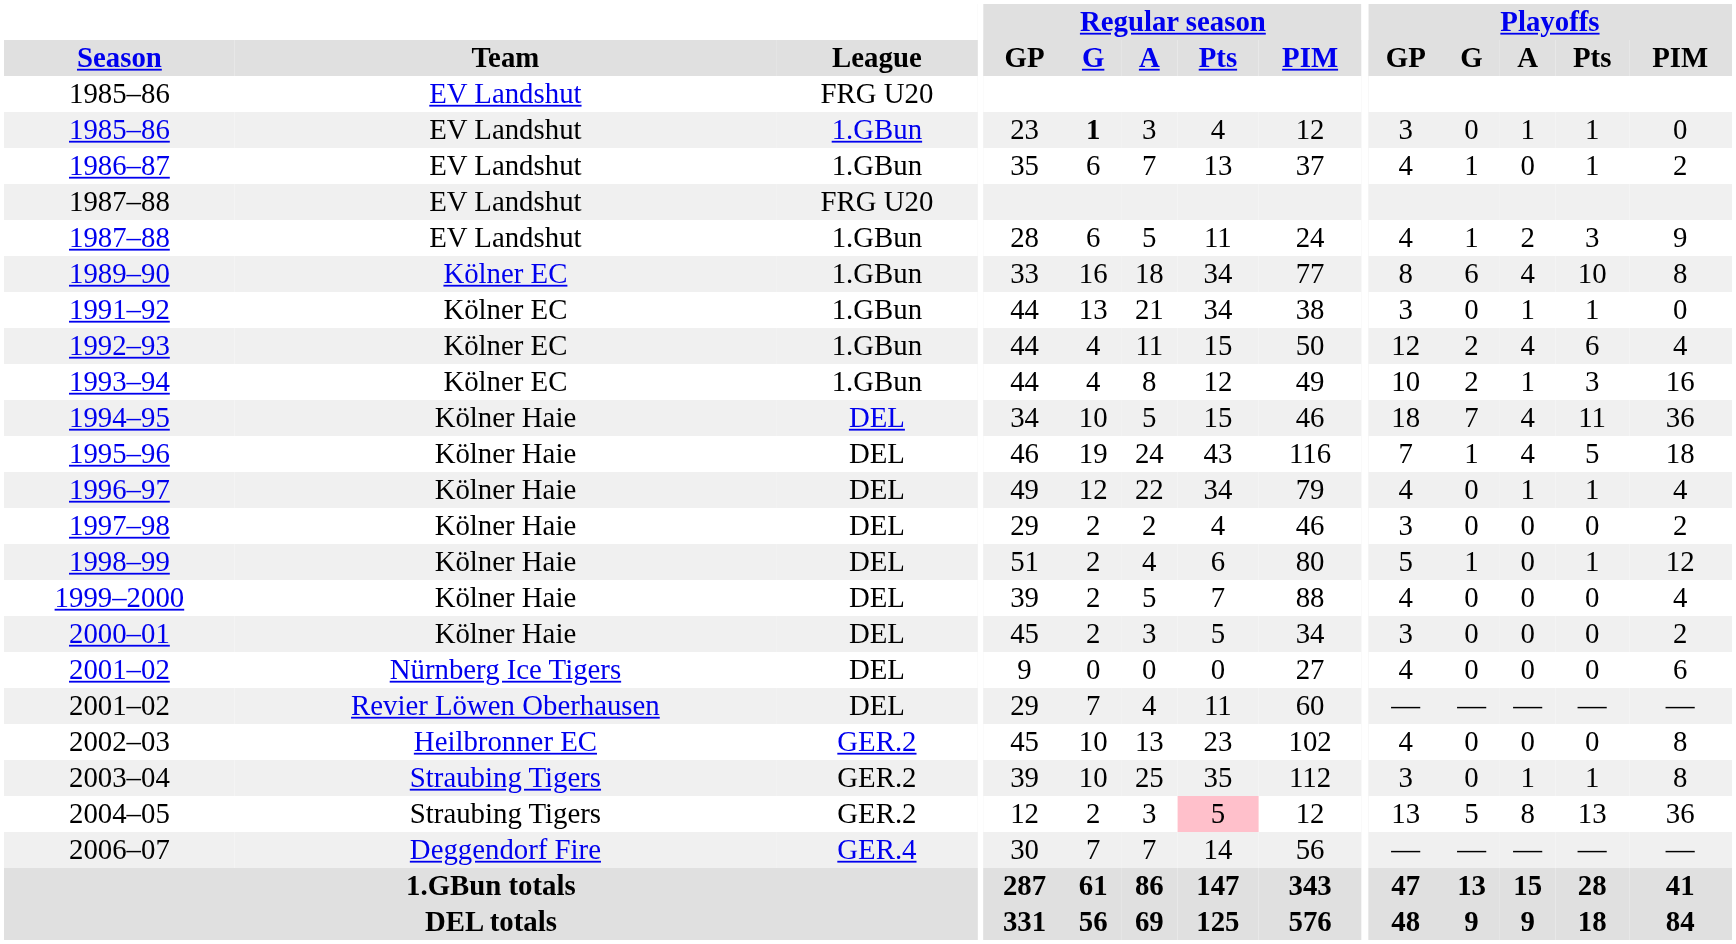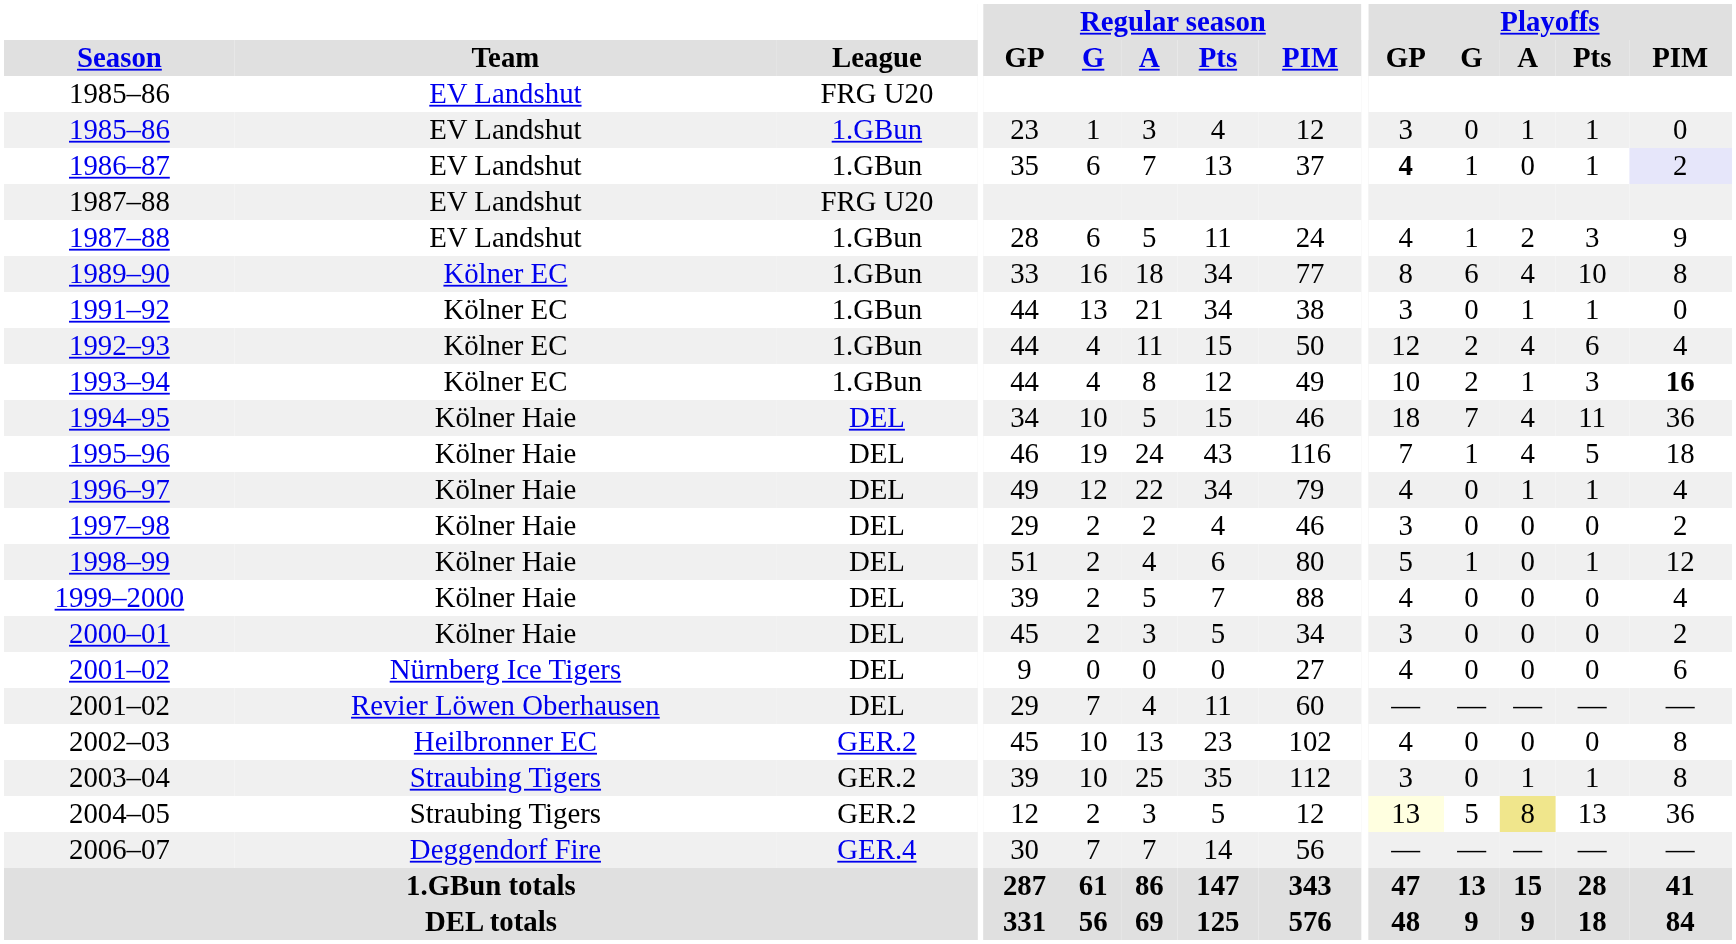 <table border="0" cellpadding="1" cellspacing="0" style="text-align:center; width:60em">
 <tr bgcolor="#e0e0e0">
 <th colspan="3" bgcolor="#ffffff"></th>
 <th rowspan="99" bgcolor="#ffffff"></th>
 <th colspan="5"><a href='#'>Regular season</a></th>
 <th rowspan="99" bgcolor="#ffffff"></th>
 <th colspan="5"><a href='#'>Playoffs</a></th>
 </tr>
 <tr bgcolor="#e0e0e0">
 <th><a href='#'>Season</a></th>
 <th>Team</th>
 <th>League</th>
 <th>GP</th>
 <th><a href='#'>G</a></th>
 <th><a href='#'>A</a></th>
 <th><a href='#'>Pts</a></th>
 <th><a href='#'>PIM</a></th>
 <th>GP</th>
 <th>G</th>
 <th>A</th>
 <th>Pts</th>
 <th>PIM</th>
 </tr>
 <tr>
 <td>1985–86</td>
 <td><a href='#'>EV Landshut</a></td>
 <td>FRG U20</td>
 <td></td>
 <td></td>
 <td></td>
 <td></td>
 <td></td>
 <td></td>
 <td></td>
 <td></td>
 <td></td>
 <td></td>
 </tr>
 <tr bgcolor="#f0f0f0">
 <td><a href='#'>1985–86</a></td>
 <td>EV Landshut</td>
 <td><a href='#'>1.GBun</a></td>
 <td>23</td>
-<td><strong>1</strong></td>
+<td>1</td>
 <td>3</td>
 <td>4</td>
 <td>12</td>
 <td>3</td>
 <td>0</td>
 <td>1</td>
 <td>1</td>
 <td>0</td>
 </tr>
 <tr>
 <td><a href='#'>1986–87</a></td>
 <td>EV Landshut</td>
 <td>1.GBun</td>
 <td>35</td>
 <td>6</td>
 <td>7</td>
 <td>13</td>
 <td>37</td>
-<td>4</td>
+<td><strong>4</strong></td>
 <td>1</td>
 <td>0</td>
 <td>1</td>
-<td>2</td>
+<td style="background: lavender;">2</td>
 </tr>
 <tr bgcolor="#f0f0f0">
 <td>1987–88</td>
 <td>EV Landshut</td>
 <td>FRG U20</td>
 <td></td>
 <td></td>
 <td></td>
 <td></td>
 <td></td>
 <td></td>
 <td></td>
 <td></td>
 <td></td>
 <td></td>
 </tr>
 <tr>
 <td><a href='#'>1987–88</a></td>
 <td>EV Landshut</td>
 <td>1.GBun</td>
 <td>28</td>
 <td>6</td>
 <td>5</td>
 <td>11</td>
 <td>24</td>
 <td>4</td>
 <td>1</td>
 <td>2</td>
 <td>3</td>
 <td>9</td>
 </tr>
 <tr bgcolor="#f0f0f0">
 <td><a href='#'>1989–90</a></td>
 <td><a href='#'>Kölner EC</a></td>
 <td>1.GBun</td>
 <td>33</td>
 <td>16</td>
 <td>18</td>
 <td>34</td>
 <td>77</td>
 <td>8</td>
 <td>6</td>
 <td>4</td>
 <td>10</td>
 <td>8</td>
 </tr>
 <tr>
 <td><a href='#'>1991–92</a></td>
 <td>Kölner EC</td>
 <td>1.GBun</td>
 <td>44</td>
 <td>13</td>
 <td>21</td>
 <td>34</td>
 <td>38</td>
 <td>3</td>
 <td>0</td>
 <td>1</td>
 <td>1</td>
 <td>0</td>
 </tr>
 <tr bgcolor="#f0f0f0">
 <td><a href='#'>1992–93</a></td>
 <td>Kölner EC</td>
 <td>1.GBun</td>
 <td>44</td>
 <td>4</td>
 <td>11</td>
 <td>15</td>
 <td>50</td>
 <td>12</td>
 <td>2</td>
 <td>4</td>
 <td>6</td>
 <td>4</td>
 </tr>
 <tr>
 <td><a href='#'>1993–94</a></td>
 <td>Kölner EC</td>
 <td>1.GBun</td>
 <td>44</td>
 <td>4</td>
 <td>8</td>
 <td>12</td>
 <td>49</td>
 <td>10</td>
 <td>2</td>
 <td>1</td>
 <td>3</td>
-<td>16</td>
+<td><strong>16</strong></td>
 </tr>
 <tr bgcolor="#f0f0f0">
 <td><a href='#'>1994–95</a></td>
 <td>Kölner Haie</td>
 <td><a href='#'>DEL</a></td>
 <td>34</td>
 <td>10</td>
 <td>5</td>
 <td>15</td>
 <td>46</td>
 <td>18</td>
 <td>7</td>
 <td>4</td>
 <td>11</td>
 <td>36</td>
 </tr>
 <tr>
 <td><a href='#'>1995–96</a></td>
 <td>Kölner Haie</td>
 <td>DEL</td>
 <td>46</td>
 <td>19</td>
 <td>24</td>
 <td>43</td>
 <td>116</td>
 <td>7</td>
 <td>1</td>
 <td>4</td>
 <td>5</td>
 <td>18</td>
 </tr>
 <tr bgcolor="#f0f0f0">
 <td><a href='#'>1996–97</a></td>
 <td>Kölner Haie</td>
 <td>DEL</td>
 <td>49</td>
 <td>12</td>
 <td>22</td>
 <td>34</td>
 <td>79</td>
 <td>4</td>
 <td>0</td>
 <td>1</td>
 <td>1</td>
 <td>4</td>
 </tr>
 <tr>
 <td><a href='#'>1997–98</a></td>
 <td>Kölner Haie</td>
 <td>DEL</td>
 <td>29</td>
 <td>2</td>
 <td>2</td>
 <td>4</td>
 <td>46</td>
 <td>3</td>
 <td>0</td>
 <td>0</td>
 <td>0</td>
 <td>2</td>
 </tr>
 <tr bgcolor="#f0f0f0">
 <td><a href='#'>1998–99</a></td>
 <td>Kölner Haie</td>
 <td>DEL</td>
 <td>51</td>
 <td>2</td>
 <td>4</td>
 <td>6</td>
 <td>80</td>
 <td>5</td>
 <td>1</td>
 <td>0</td>
 <td>1</td>
 <td>12</td>
 </tr>
 <tr>
 <td><a href='#'>1999–2000</a></td>
 <td>Kölner Haie</td>
 <td>DEL</td>
 <td>39</td>
 <td>2</td>
 <td>5</td>
 <td>7</td>
 <td>88</td>
 <td>4</td>
 <td>0</td>
 <td>0</td>
 <td>0</td>
 <td>4</td>
 </tr>
 <tr bgcolor="#f0f0f0">
 <td><a href='#'>2000–01</a></td>
 <td>Kölner Haie</td>
 <td>DEL</td>
 <td>45</td>
 <td>2</td>
 <td>3</td>
 <td>5</td>
 <td>34</td>
 <td>3</td>
 <td>0</td>
 <td>0</td>
 <td>0</td>
 <td>2</td>
 </tr>
 <tr>
 <td><a href='#'>2001–02</a></td>
 <td><a href='#'>Nürnberg Ice Tigers</a></td>
 <td>DEL</td>
 <td>9</td>
 <td>0</td>
 <td>0</td>
 <td>0</td>
 <td>27</td>
 <td>4</td>
 <td>0</td>
 <td>0</td>
 <td>0</td>
 <td>6</td>
 </tr>
 <tr bgcolor="#f0f0f0">
 <td>2001–02</td>
 <td><a href='#'>Revier Löwen Oberhausen</a></td>
 <td>DEL</td>
 <td>29</td>
 <td>7</td>
 <td>4</td>
 <td>11</td>
 <td>60</td>
 <td>—</td>
 <td>—</td>
 <td>—</td>
 <td>—</td>
 <td>—</td>
 </tr>
 <tr>
 <td>2002–03</td>
 <td><a href='#'>Heilbronner EC</a></td>
 <td><a href='#'>GER.2</a></td>
 <td>45</td>
 <td>10</td>
 <td>13</td>
 <td>23</td>
 <td>102</td>
 <td>4</td>
 <td>0</td>
 <td>0</td>
 <td>0</td>
 <td>8</td>
 </tr>
 <tr bgcolor="#f0f0f0">
 <td>2003–04</td>
 <td><a href='#'>Straubing Tigers</a></td>
 <td>GER.2</td>
 <td>39</td>
 <td>10</td>
 <td>25</td>
 <td>35</td>
 <td>112</td>
 <td>3</td>
 <td>0</td>
 <td>1</td>
 <td>1</td>
 <td>8</td>
 </tr>
 <tr>
 <td>2004–05</td>
 <td>Straubing Tigers</td>
 <td>GER.2</td>
 <td>12</td>
 <td>2</td>
 <td>3</td>
-<td style="background: pink;">5</td>
+<td>5</td>
 <td>12</td>
-<td>13</td>
+<td style="background: lightyellow;">13</td>
 <td>5</td>
-<td>8</td>
+<td style="background: khaki;">8</td>
 <td>13</td>
 <td>36</td>
 </tr>
 <tr bgcolor="#f0f0f0">
 <td>2006–07</td>
 <td><a href='#'>Deggendorf Fire</a></td>
 <td><a href='#'>GER.4</a></td>
 <td>30</td>
 <td>7</td>
 <td>7</td>
 <td>14</td>
 <td>56</td>
 <td>—</td>
 <td>—</td>
 <td>—</td>
 <td>—</td>
 <td>—</td>
 </tr>
 <tr bgcolor="#e0e0e0">
 <th colspan="3">1.GBun totals</th>
 <th>287</th>
 <th>61</th>
 <th>86</th>
 <th>147</th>
 <th>343</th>
 <th>47</th>
 <th>13</th>
 <th>15</th>
 <th>28</th>
 <th>41</th>
 </tr>
 <tr bgcolor="#e0e0e0">
 <th colspan="3">DEL totals</th>
 <th>331</th>
 <th>56</th>
 <th>69</th>
 <th>125</th>
 <th>576</th>
 <th>48</th>
 <th>9</th>
 <th>9</th>
 <th>18</th>
 <th>84</th>
 </tr>
 </table>
